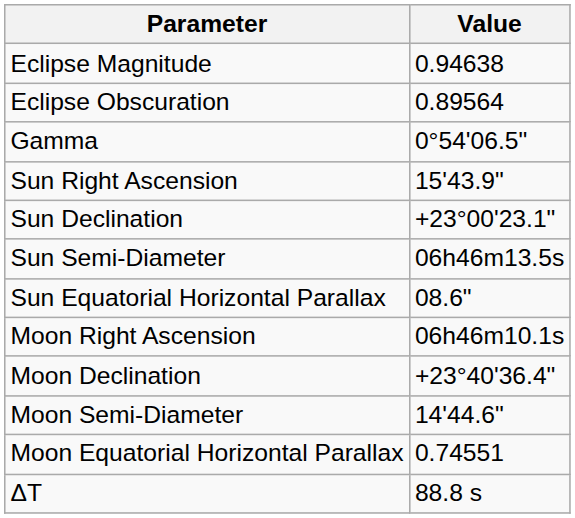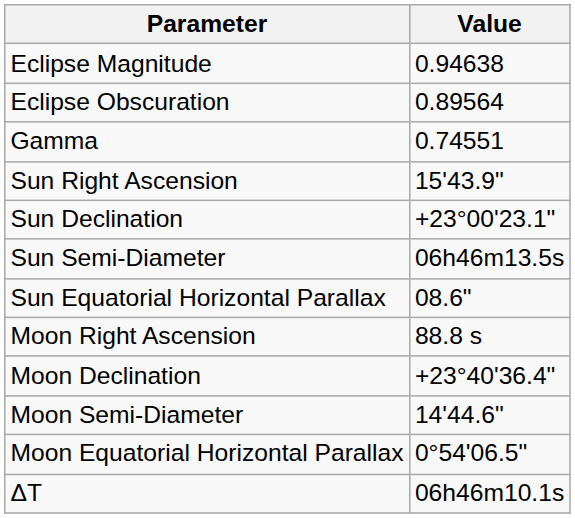 <table class="wikitable">
 <tr>
 <th>Parameter</th>
 <th>Value</th>
 </tr>
 <tr>
 <td>Eclipse Magnitude</td>
 <td>0.94638</td>
 </tr>
 <tr>
 <td>Eclipse Obscuration</td>
 <td>0.89564</td>
 </tr>
 <tr>
 <td>Gamma</td>
-<td>0°54'06.5"</td>
+<td>0.74551</td>
 </tr>
 <tr>
 <td>Sun Right Ascension</td>
 <td>15'43.9"</td>
 </tr>
 <tr>
 <td>Sun Declination</td>
 <td>+23°00'23.1"</td>
 </tr>
 <tr>
 <td>Sun Semi-Diameter</td>
 <td>06h46m13.5s</td>
 </tr>
 <tr>
 <td>Sun Equatorial Horizontal Parallax</td>
 <td>08.6"</td>
 </tr>
 <tr>
 <td>Moon Right Ascension</td>
-<td>06h46m10.1s</td>
+<td>88.8 s</td>
 </tr>
 <tr>
 <td>Moon Declination</td>
 <td>+23°40'36.4"</td>
 </tr>
 <tr>
 <td>Moon Semi-Diameter</td>
 <td>14'44.6"</td>
 </tr>
 <tr>
 <td>Moon Equatorial Horizontal Parallax</td>
-<td>0.74551</td>
+<td>0°54'06.5"</td>
 </tr>
 <tr>
 <td>ΔT</td>
-<td>88.8 s</td>
+<td>06h46m10.1s</td>
 </tr>
 </table>
